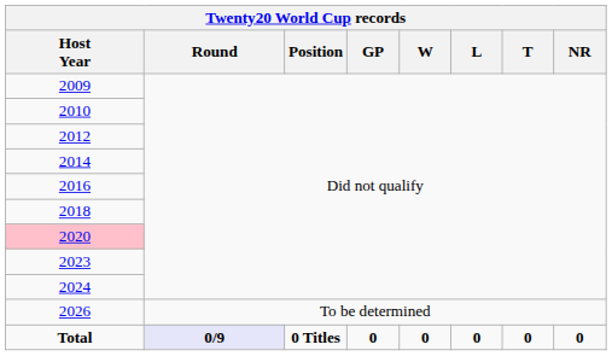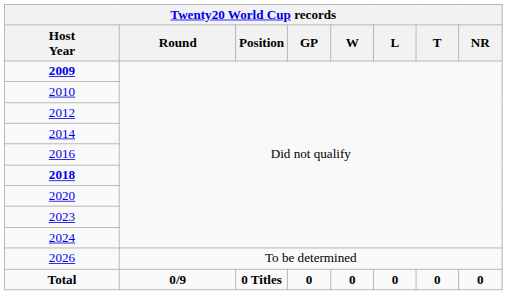 <table class="wikitable" style="text-align: center; width=900px;">
 <tr>
 <th colspan="8"><a href='#'>Twenty20 World Cup</a> records</th>
 </tr>
 <tr>
 <th width=150>Host<br>Year</th>
 <th width=150>Round</th>
 <th width=50>Position</th>
 <th width=50>GP</th>
 <th width=50>W</th>
 <th width=50>L</th>
 <th width=50>T</th>
 <th width=50>NR</th>
 </tr>
 <tr>
-<td> <a href='#'>2009</a></td>
+<td><strong> <a href='#'>2009</a></strong></td>
 <td colspan=7  rowspan=9>Did not qualify</td>
 </tr>
 <tr>
 <td> <a href='#'>2010</a></td>
 </tr>
 <tr>
 <td> <a href='#'>2012</a></td>
 </tr>
 <tr>
 <td> <a href='#'>2014</a></td>
 </tr>
 <tr>
 <td> <a href='#'>2016</a></td>
 </tr>
 <tr>
-<td> <a href='#'>2018</a></td>
+<td><strong> <a href='#'>2018</a></strong></td>
 </tr>
 <tr>
-<td style="background: pink;"> <a href='#'>2020</a></td>
+<td> <a href='#'>2020</a></td>
 </tr>
 <tr>
 <td> <a href='#'>2023</a></td>
 </tr>
 <tr>
 <td> <a href='#'>2024</a></td>
 </tr>
 <tr>
 <td> <a href='#'>2026</a></td>
 <td colspan="7">To be determined</td>
 </tr>
 <tr>
 <td><strong>Total</strong></td>
-<td style="background: lavender;"><strong>0/9</strong></td>
+<td><strong>0/9</strong></td>
 <td><strong>0 Titles</strong></td>
 <td><strong>0</strong></td>
 <td><strong>0</strong></td>
 <td><strong>0</strong></td>
 <td><strong>0</strong></td>
 <td><strong>0</strong></td>
 </tr>
 </table>
